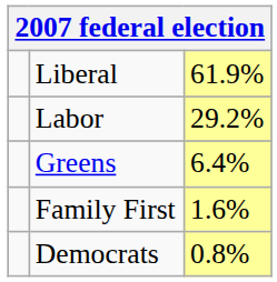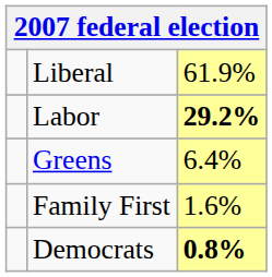 <table class="wikitable" style="float:right; margin-left:1em">
 <tr>
 <th colspan ="3"><a href='#'>2007 federal election</a></th>
 </tr>
 <tr>
 <td> </td>
 <td>Liberal</td>
 <td bgcolor="FFFF99">61.9%</td>
 </tr>
 <tr>
 <td> </td>
 <td>Labor</td>
-<td bgcolor="FFFF99">29.2%</td>
+<td bgcolor="FFFF99"><strong>29.2%</strong></td>
 </tr>
 <tr>
 <td> </td>
 <td><a href='#'>Greens</a></td>
 <td bgcolor="FFFF99">6.4%</td>
 </tr>
 <tr>
 <td> </td>
 <td>Family First</td>
 <td bgcolor="FFFF99">1.6%</td>
 </tr>
 <tr>
 <td> </td>
 <td>Democrats</td>
-<td bgcolor="FFFF99">0.8%</td>
+<td bgcolor="FFFF99"><strong>0.8%</strong></td>
 </tr>
 </table>
